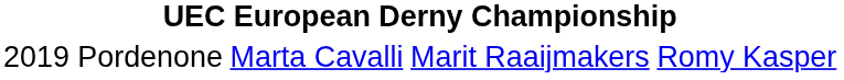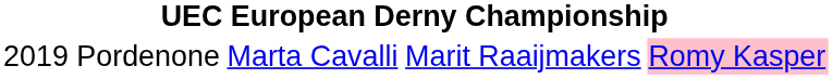 <table>
 <tr>
 <td colspan=4 align=center><strong>UEC European Derny Championship</strong></td>
 </tr>
 <tr>
 <td>2019 Pordenone</td>
 <td> <a href='#'>Marta Cavalli</a></td>
 <td> <a href='#'>Marit Raaijmakers</a></td>
-<td> <a href='#'>Romy Kasper</a></td>
+<td style="background: pink;"> <a href='#'>Romy Kasper</a></td>
 </tr>
 </table>
